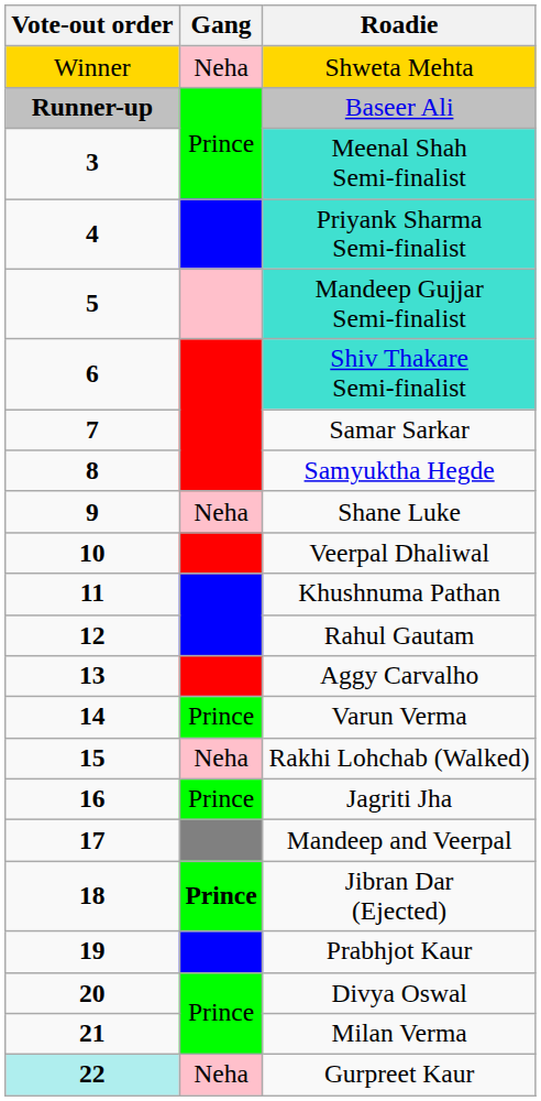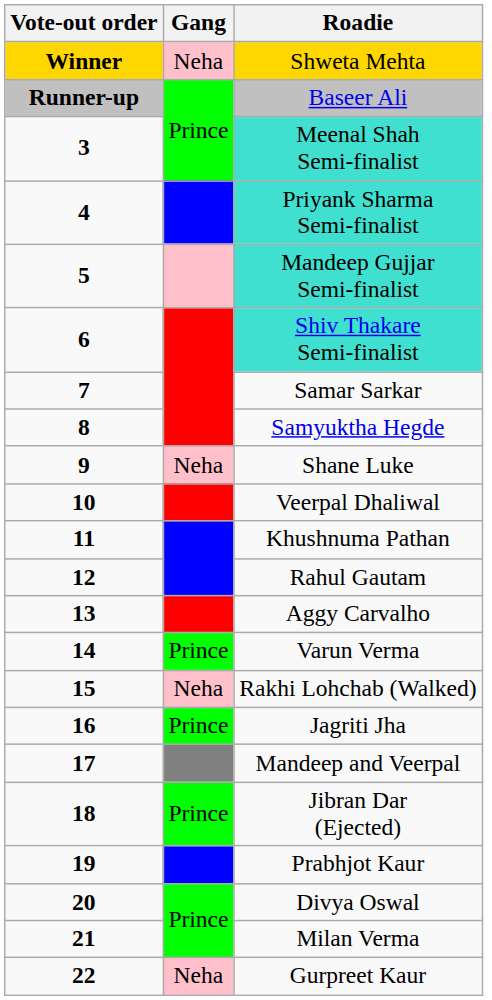 <table class="wikitable" style="text-align:center;">
 <tr>
 <th scope="col">Vote-out order</th>
 <th scope="col">Gang</th>
 <th scope="col">Roadie</th>
 </tr>
 <tr>
-<td bgcolor=gold>Winner</td>
+<td bgcolor=gold><strong>Winner</strong></td>
 <td bgcolor=pink>Neha</td>
 <td bgcolor=gold>Shweta Mehta</td>
 </tr>
 <tr>
 <td bgcolor=silver><strong>Runner-up</strong></td>
 <td rowspan="2" bgcolor=lime>Prince</td>
 <td bgcolor=silver><a href='#'>Baseer Ali</a></td>
 </tr>
 <tr>
 <td><strong>3</strong></td>
 <td bgcolor=turquoise>Meenal Shah<br>Semi-finalist</td>
 </tr>
 <tr>
 <td><strong>4</strong></td>
 <td bgcolor=blue></td>
 <td bgcolor=turquoise>Priyank Sharma<br>Semi-finalist</td>
 </tr>
 <tr>
 <td><strong>5</strong></td>
 <td bgcolor=pink></td>
 <td bgcolor=turquoise>Mandeep Gujjar<br>Semi-finalist</td>
 </tr>
 <tr>
 <td><strong>6</strong></td>
 <td rowspan="3" bgcolor=Red></td>
 <td bgcolor=turquoise><a href='#'>Shiv Thakare</a><br>Semi-finalist</td>
 </tr>
 <tr>
 <td><strong>7</strong></td>
 <td>Samar Sarkar</td>
 </tr>
 <tr>
 <td><strong>8</strong></td>
 <td><a href='#'>Samyuktha Hegde</a></td>
 </tr>
 <tr>
 <td><strong>9</strong></td>
 <td bgcolor=pink>Neha</td>
 <td>Shane Luke</td>
 </tr>
 <tr>
 <td><strong>10</strong></td>
 <td bgcolor=red></td>
 <td>Veerpal Dhaliwal</td>
 </tr>
 <tr>
 <td><strong>11</strong></td>
 <td rowspan="2" bgcolor=blue></td>
 <td>Khushnuma Pathan</td>
 </tr>
 <tr>
 <td><strong>12</strong></td>
 <td>Rahul Gautam</td>
 </tr>
 <tr>
 <td><strong>13</strong></td>
 <td bgcolor=red></td>
 <td>Aggy Carvalho</td>
 </tr>
 <tr>
 <td><strong>14</strong></td>
 <td bgcolor=lime>Prince</td>
 <td>Varun Verma</td>
 </tr>
 <tr>
 <td><strong>15</strong></td>
 <td bgcolor=pink>Neha</td>
 <td>Rakhi Lohchab (Walked)</td>
 </tr>
 <tr>
 <td><strong>16</strong></td>
 <td bgcolor=lime>Prince</td>
 <td>Jagriti Jha</td>
 </tr>
 <tr>
 <td><strong>17</strong></td>
 <td bgcolor=grey></td>
 <td>Mandeep and Veerpal</td>
 </tr>
 <tr>
 <td><strong>18</strong></td>
-<td bgcolor=lime><strong>Prince</strong></td>
+<td bgcolor=lime>Prince</td>
 <td>Jibran Dar<br>(Ejected)</td>
 </tr>
 <tr>
 <td><strong>19</strong></td>
 <td bgcolor=blue></td>
 <td>Prabhjot Kaur</td>
 </tr>
 <tr>
 <td><strong>20</strong></td>
 <td rowspan="2" bgcolor=lime>Prince</td>
 <td>Divya Oswal</td>
 </tr>
 <tr>
 <td><strong>21</strong></td>
 <td>Milan Verma</td>
 </tr>
 <tr>
-<td style="background: paleturquoise;"><strong>22</strong></td>
+<td><strong>22</strong></td>
 <td bgcolor=pink>Neha</td>
 <td>Gurpreet Kaur</td>
 </tr>
 <tr>
 </tr>
 </table>
